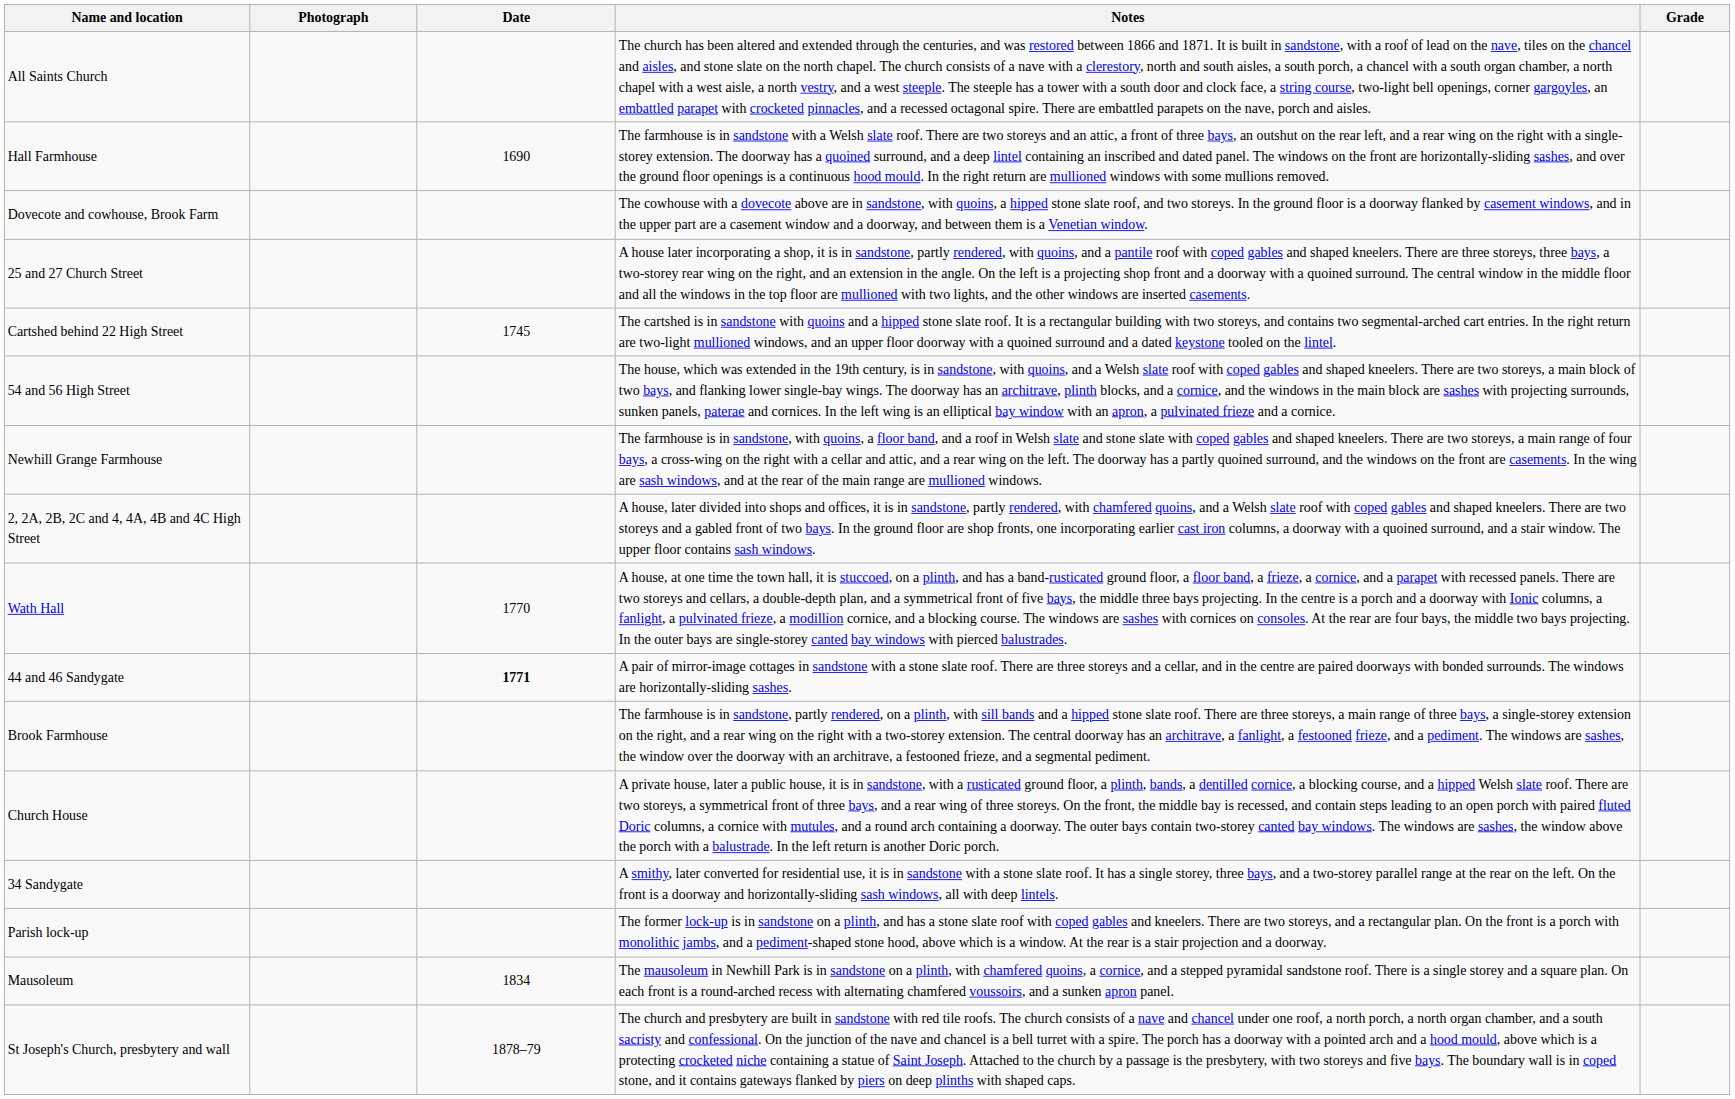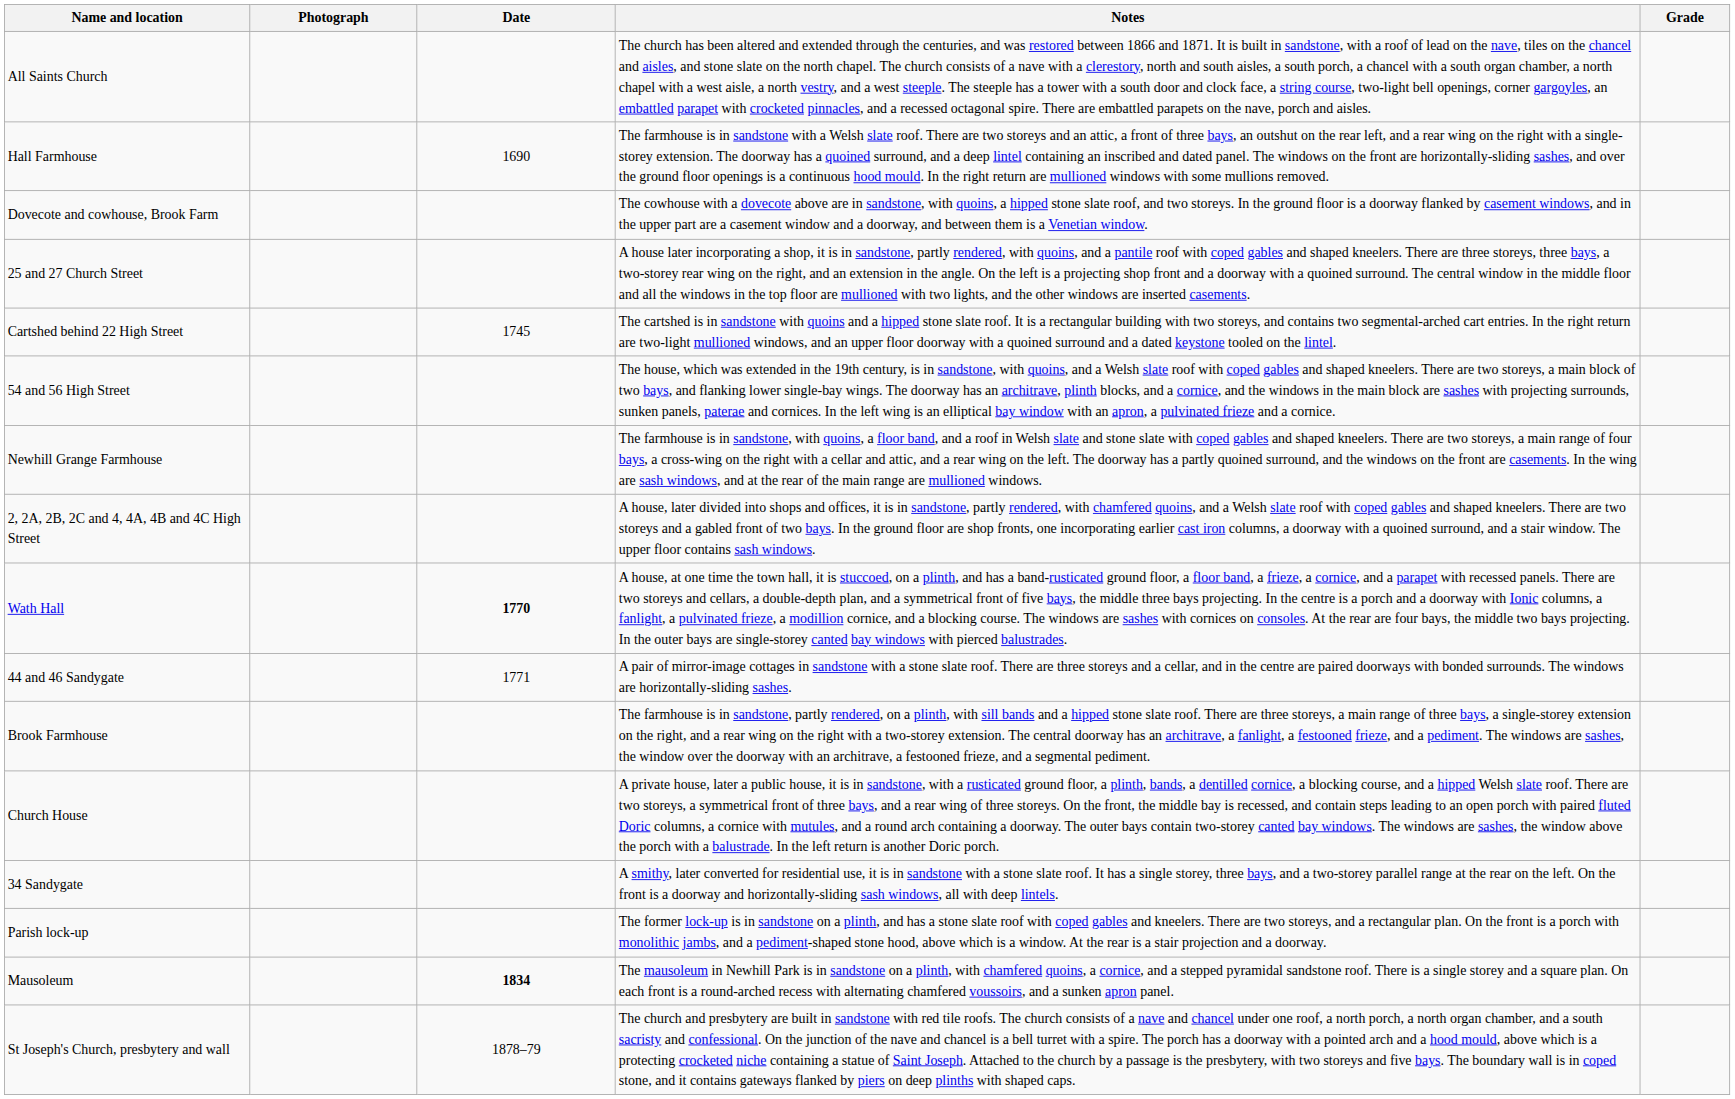 <table class="wikitable sortable plainrowheaders" style="width:100%; border:0; text-align:left; line-height:150%;">
 <tr>
 <th scope="col"  style="width:150px">Name and location</th>
 <th scope="col"  style="width:100px" class="unsortable">Photograph</th>
 <th scope="col"  style="width:120px">Date</th>
 <th scope="col"  style="width:650px" class="unsortable">Notes</th>
 <th scope="col"  style="width:50px">Grade</th>
 </tr>
 <tr>
 <td>All Saints Church<br><small></small></td>
 <td></td>
 <td align="center"></td>
 <td>The church has been altered and extended through the centuries, and was <a href='#'>restored</a> between 1866 and 1871.  It is built in <a href='#'>sandstone</a>, with a roof of lead on the <a href='#'>nave</a>, tiles on the <a href='#'>chancel</a> and <a href='#'>aisles</a>, and stone slate on the north chapel.  The church consists of a nave with a <a href='#'>clerestory</a>, north and south aisles, a south porch, a chancel with a south organ chamber, a north chapel with a west aisle, a north <a href='#'>vestry</a>, and a west <a href='#'>steeple</a>.  The steeple has a tower with a south door and clock face, a <a href='#'>string course</a>, two-light bell openings, corner <a href='#'>gargoyles</a>, an <a href='#'>embattled</a> <a href='#'>parapet</a> with <a href='#'>crocketed</a> <a href='#'>pinnacles</a>, and a recessed octagonal spire.  There are embattled parapets on the nave, porch and aisles.</td>
 <td align="center" ></td>
 </tr>
 <tr>
 <td>Hall Farmhouse<br><small></small></td>
 <td></td>
 <td align="center">1690</td>
 <td>The farmhouse is in <a href='#'>sandstone</a> with a Welsh <a href='#'>slate</a> roof.  There are two storeys and an attic, a front of three <a href='#'>bays</a>, an outshut on the rear left, and a rear wing on the right with a single-storey extension.  The doorway has a <a href='#'>quoined</a> surround, and a deep <a href='#'>lintel</a> containing an inscribed and dated panel.  The windows on the front are horizontally-sliding <a href='#'>sashes</a>, and over the ground floor openings is a continuous <a href='#'>hood mould</a>.  In the right return are <a href='#'>mullioned</a> windows with some mullions removed.</td>
 <td align="center" ></td>
 </tr>
 <tr>
 <td>Dovecote and cowhouse, Brook Farm<br><small></small></td>
 <td></td>
 <td align="center"></td>
 <td>The cowhouse with a <a href='#'>dovecote</a> above are in <a href='#'>sandstone</a>, with <a href='#'>quoins</a>, a <a href='#'>hipped</a> stone slate roof, and two storeys.  In the ground floor is a doorway flanked by <a href='#'>casement windows</a>, and in the upper part are a casement window and a doorway, and between them is a <a href='#'>Venetian window</a>.</td>
 <td align="center" ></td>
 </tr>
 <tr>
 <td>25 and 27 Church Street<br><small></small></td>
 <td></td>
 <td align="center"></td>
 <td>A house later incorporating a shop, it is in <a href='#'>sandstone</a>, partly <a href='#'>rendered</a>, with <a href='#'>quoins</a>, and a <a href='#'>pantile</a> roof with <a href='#'>coped</a> <a href='#'>gables</a> and shaped kneelers.  There are three storeys, three <a href='#'>bays</a>, a two-storey rear wing on the right, and an extension in the angle.  On the left is a projecting shop front and a doorway with a quoined surround.  The central window in the middle floor and all the windows in the top floor are <a href='#'>mullioned</a> with two lights, and the other windows are inserted <a href='#'>casements</a>.</td>
 <td align="center" ></td>
 </tr>
 <tr>
 <td>Cartshed behind 22 High Street<br><small></small></td>
 <td></td>
 <td align="center">1745</td>
 <td>The cartshed is in <a href='#'>sandstone</a> with <a href='#'>quoins</a> and a <a href='#'>hipped</a> stone slate roof.  It is a rectangular building with two storeys, and contains two segmental-arched cart entries.  In the right return are two-light <a href='#'>mullioned</a> windows, and an upper floor doorway with a quoined surround and a dated <a href='#'>keystone</a> tooled on the <a href='#'>lintel</a>.</td>
 <td align="center" ></td>
 </tr>
 <tr>
 <td>54 and 56 High Street<br><small></small></td>
 <td></td>
 <td align="center"></td>
 <td>The house, which was extended in the 19th century, is in <a href='#'>sandstone</a>, with <a href='#'>quoins</a>, and a Welsh <a href='#'>slate</a> roof with <a href='#'>coped</a> <a href='#'>gables</a> and shaped kneelers.  There are two storeys, a main block of two <a href='#'>bays</a>, and flanking lower single-bay wings.  The doorway has an <a href='#'>architrave</a>, <a href='#'>plinth</a> blocks, and a <a href='#'>cornice</a>, and the windows in the main block are <a href='#'>sashes</a> with projecting surrounds, sunken panels, <a href='#'>paterae</a> and cornices.   In the left wing is an elliptical <a href='#'>bay window</a> with an <a href='#'>apron</a>, a <a href='#'>pulvinated frieze</a> and a cornice.</td>
 <td align="center" ></td>
 </tr>
 <tr>
 <td>Newhill Grange Farmhouse<br><small></small></td>
 <td></td>
 <td align="center"></td>
 <td>The farmhouse is in <a href='#'>sandstone</a>, with <a href='#'>quoins</a>, a <a href='#'>floor band</a>, and a roof in Welsh <a href='#'>slate</a> and stone slate with <a href='#'>coped</a> <a href='#'>gables</a> and shaped kneelers.  There are two storeys, a main range of four <a href='#'>bays</a>, a cross-wing on the right with a cellar and attic, and a rear wing on the left.  The doorway has a partly quoined surround, and the windows on the front are <a href='#'>casements</a>.  In the wing are <a href='#'>sash windows</a>, and at the rear of the main range are <a href='#'>mullioned</a> windows.</td>
 <td align="center" ></td>
 </tr>
 <tr>
 <td>2, 2A, 2B, 2C and 4, 4A, 4B and 4C High Street<br><small></small></td>
 <td></td>
 <td align="center"></td>
 <td>A house, later divided into shops and offices, it is in <a href='#'>sandstone</a>, partly <a href='#'>rendered</a>, with <a href='#'>chamfered</a> <a href='#'>quoins</a>, and a Welsh <a href='#'>slate</a> roof with <a href='#'>coped</a> <a href='#'>gables</a> and shaped kneelers.  There are two storeys and a gabled front of two <a href='#'>bays</a>.  In the ground floor are shop fronts, one incorporating earlier <a href='#'>cast iron</a> columns, a doorway with a quoined surround, and a stair window.  The upper floor contains <a href='#'>sash windows</a>.</td>
 <td align="center" ></td>
 </tr>
 <tr>
 <td><a href='#'>Wath Hall</a><br><small></small></td>
 <td></td>
-<td align="center">1770</td>
+<td align="center"><strong>1770</strong></td>
 <td>A house, at one time the town hall, it is <a href='#'>stuccoed</a>, on a <a href='#'>plinth</a>, and has a band-<a href='#'>rusticated</a> ground floor, a <a href='#'>floor band</a>, a <a href='#'>frieze</a>, a <a href='#'>cornice</a>, and a <a href='#'>parapet</a> with recessed panels.  There are two storeys and cellars, a double-depth plan, and a symmetrical front of five <a href='#'>bays</a>, the middle three bays projecting.  In the centre is a porch and a doorway with <a href='#'>Ionic</a> columns, a <a href='#'>fanlight</a>, a <a href='#'>pulvinated frieze</a>, a <a href='#'>modillion</a> cornice, and a blocking course.  The windows are <a href='#'>sashes</a> with cornices on <a href='#'>consoles</a>.  At the rear are four bays, the middle two bays projecting.  In the outer bays are single-storey <a href='#'>canted</a> <a href='#'>bay windows</a> with pierced <a href='#'>balustrades</a>.</td>
 <td align="center" ></td>
 </tr>
 <tr>
 <td>44 and 46 Sandygate<br><small></small></td>
 <td></td>
-<td align="center"><strong>1771</strong></td>
+<td align="center">1771</td>
 <td>A pair of mirror-image cottages in <a href='#'>sandstone</a> with a stone slate roof.  There are three storeys and a cellar, and in the centre are paired doorways with bonded surrounds.  The windows are horizontally-sliding <a href='#'>sashes</a>.</td>
 <td align="center" ></td>
 </tr>
 <tr>
 <td>Brook Farmhouse<br><small></small></td>
 <td></td>
 <td align="center"></td>
 <td>The farmhouse is in <a href='#'>sandstone</a>, partly <a href='#'>rendered</a>, on a <a href='#'>plinth</a>, with <a href='#'>sill bands</a> and a <a href='#'>hipped</a> stone slate roof.  There are three storeys, a main range of three <a href='#'>bays</a>, a single-storey extension on the right, and a rear wing on the right with a two-storey extension.  The central doorway has an <a href='#'>architrave</a>, a <a href='#'>fanlight</a>, a <a href='#'>festooned</a> <a href='#'>frieze</a>, and a <a href='#'>pediment</a>.  The windows are <a href='#'>sashes</a>, the window over the doorway with an architrave, a festooned frieze, and a segmental pediment.</td>
 <td align="center" ></td>
 </tr>
 <tr>
 <td>Church House<br><small></small></td>
 <td></td>
 <td align="center"></td>
 <td>A private house, later a public house, it is in <a href='#'>sandstone</a>, with a <a href='#'>rusticated</a> ground floor, a <a href='#'>plinth</a>, <a href='#'>bands</a>, a <a href='#'>dentilled</a> <a href='#'>cornice</a>, a blocking course, and a <a href='#'>hipped</a> Welsh <a href='#'>slate</a> roof.  There are two storeys, a symmetrical front of three <a href='#'>bays</a>, and a rear wing of three storeys.  On the front, the middle bay is recessed, and contain steps leading to an open porch with paired <a href='#'>fluted</a> <a href='#'>Doric</a> columns, a cornice with <a href='#'>mutules</a>, and a round arch containing a doorway.  The outer bays contain two-storey <a href='#'>canted</a> <a href='#'>bay windows</a>.  The windows are <a href='#'>sashes</a>, the window above the porch with a <a href='#'>balustrade</a>.  In the left return is another Doric porch.</td>
 <td align="center" ></td>
 </tr>
 <tr>
 <td>34 Sandygate<br><small></small></td>
 <td></td>
 <td align="center"></td>
 <td>A <a href='#'>smithy</a>, later converted for residential use, it is in <a href='#'>sandstone</a> with a stone slate roof.  It has a single storey, three <a href='#'>bays</a>, and a two-storey parallel range at the rear on the left.  On the front is a doorway and horizontally-sliding <a href='#'>sash windows</a>, all with deep <a href='#'>lintels</a>.</td>
 <td align="center" ></td>
 </tr>
 <tr>
 <td>Parish lock-up<br><small></small></td>
 <td></td>
 <td align="center"></td>
 <td>The former <a href='#'>lock-up</a> is in <a href='#'>sandstone</a> on a <a href='#'>plinth</a>, and has a stone slate roof with <a href='#'>coped</a> <a href='#'>gables</a> and kneelers.  There are two storeys, and a rectangular plan.  On the front is a porch with <a href='#'>monolithic</a> <a href='#'>jambs</a>, and a <a href='#'>pediment</a>-shaped stone hood, above which is a window.  At the rear is a stair projection and a doorway.</td>
 <td align="center" ></td>
 </tr>
 <tr>
 <td>Mausoleum<br><small></small></td>
 <td></td>
-<td align="center">1834</td>
+<td align="center"><strong>1834</strong></td>
 <td>The <a href='#'>mausoleum</a> in Newhill Park is in <a href='#'>sandstone</a> on a <a href='#'>plinth</a>, with <a href='#'>chamfered</a> <a href='#'>quoins</a>, a <a href='#'>cornice</a>, and a stepped pyramidal sandstone roof.  There is a single storey and a square plan.  On each front is a round-arched recess with alternating chamfered <a href='#'>voussoirs</a>, and a sunken <a href='#'>apron</a> panel.</td>
 <td align="center" ></td>
 </tr>
 <tr>
 <td>St Joseph's Church, presbytery and wall<br><small></small></td>
 <td></td>
 <td align="center">1878–79</td>
 <td>The church and presbytery are built in <a href='#'>sandstone</a> with red tile roofs.  The church consists of a <a href='#'>nave</a> and <a href='#'>chancel</a> under one roof, a north porch, a north organ chamber, and a south <a href='#'>sacristy</a> and <a href='#'>confessional</a>.  On the junction of the nave and chancel is a bell turret with a spire.  The porch has a doorway with a pointed arch and a <a href='#'>hood mould</a>, above which is a protecting <a href='#'>crocketed</a> <a href='#'>niche</a> containing a statue of <a href='#'>Saint Joseph</a>.  Attached to the church by a passage is the presbytery, with two storeys and five <a href='#'>bays</a>.  The boundary wall is in <a href='#'>coped</a> stone, and it contains gateways flanked by <a href='#'>piers</a> on deep <a href='#'>plinths</a> with shaped caps.</td>
 <td align="center" ></td>
 </tr>
 <tr>
 </tr>
 </table>
